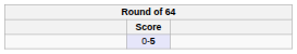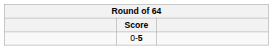 <table class="wikitable" style="text-align: center; font-size:90% ">
 <tr>
 <th colspan=3>Round of 64</th>
 </tr>
 <tr>
 <th align="right" width=180></th>
 <th width="60">Score</th>
 <th align="left" width=180></th>
 </tr>
 <tr>
 <td align=left></td>
-<td align=center style="background: lavender;">0-<strong>5</strong></td>
+<td align=center>0-<strong>5</strong></td>
 <td align=left><strong></strong></td>
 </tr>
 </table>
